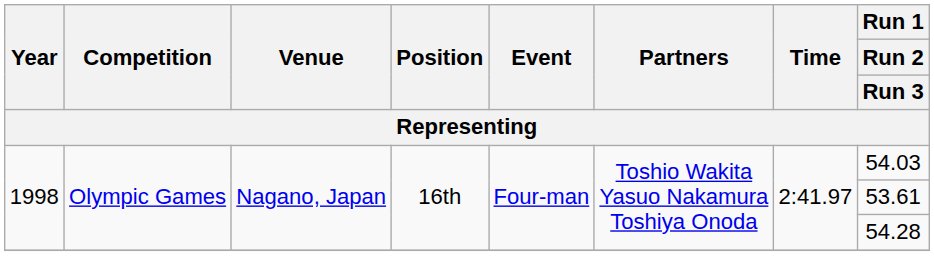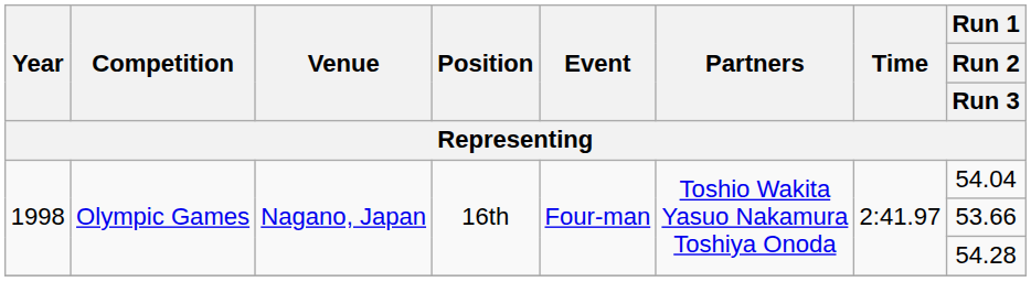 <table class="wikitable sortable" style=text-align:center>
 <tr>
 <th rowspan=3>Year</th>
 <th rowspan=3>Competition</th>
 <th rowspan=3>Venue</th>
 <th rowspan=3>Position</th>
 <th rowspan=3>Event</th>
 <th rowspan=3>Partners</th>
 <th rowspan=3>Time</th>
 <th>Run 1</th>
 </tr>
 <tr>
 <th>Run 2</th>
 </tr>
 <tr>
 <th>Run 3</th>
 </tr>
 <tr>
 <th colspan="8">Representing </th>
 </tr>
 <tr>
 <td rowspan=3>1998</td>
 <td rowspan=3><a href='#'>Olympic Games</a></td>
 <td rowspan=3><a href='#'>Nagano, Japan</a></td>
 <td rowspan=3>16th</td>
 <td rowspan=3><a href='#'>Four-man</a></td>
 <td rowspan=3><a href='#'>Toshio Wakita</a><br><a href='#'>Yasuo Nakamura</a><br><a href='#'>Toshiya Onoda</a></td>
 <td rowspan=3>2:41.97</td>
-<td>54.03</td>
+<td>54.04</td>
 </tr>
 <tr>
-<td>53.61</td>
+<td>53.66</td>
 </tr>
 <tr>
 <td>54.28</td>
 </tr>
 <tr>
 </tr>
 </table>
